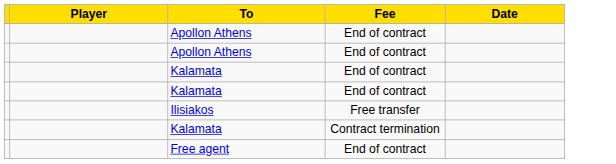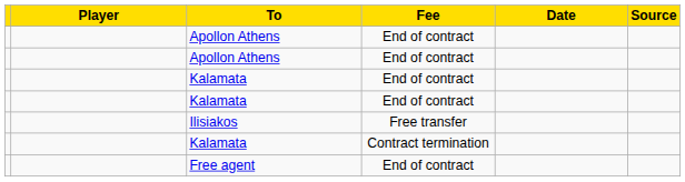 <table class="wikitable sortable">
 <tr>
 <th style="background:#FFDE00"></th>
 <th width=200 style="background:#FFDE00">Player</th>
 <th width=200 style="background:#FFDE00">To</th>
 <th width=150 style="background:#FFDE00">Fee</th>
 <th width=150 style="background:#FFDE00">Date</th>
+<th style="background:#FFDE00">Source</th>
 </tr>
 <tr>
 <td align=center></td>
 <td></td>
 <td> <a href='#'>Apollon Athens</a></td>
 <td align=center>End of contract</td>
+<td align=center></td>
 <td align=center></td>
 </tr>
 <tr>
 <td align=center></td>
 <td></td>
 <td> <a href='#'>Apollon Athens</a></td>
 <td align=center>End of contract</td>
 <td align=center></td>
-</tr>
-<tr>
-<td align=center></td>
-<td></td>
-<td> <a href='#'>Kalamata</a></td>
-<td align=center>End of contract</td>
 <td align=center></td>
 </tr>
 <tr>
 <td align=center></td>
 <td></td>
 <td> <a href='#'>Kalamata</a></td>
 <td align=center>End of contract</td>
 <td align=center></td>
+<td align=center></td>
+</tr>
+<tr>
+<td align=center></td>
+<td></td>
+<td> <a href='#'>Kalamata</a></td>
+<td align=center>End of contract</td>
+<td align=center></td>
+<td align=center></td>
 </tr>
 <tr>
 <td align=center></td>
 <td></td>
 <td> <a href='#'>Ilisiakos</a></td>
 <td align=center>Free transfer</td>
+<td align=center></td>
 <td align=center></td>
 </tr>
 <tr>
 <td align=center></td>
 <td></td>
 <td> <a href='#'>Kalamata</a></td>
 <td align=center>Contract termination</td>
 <td align=center></td>
+<td align=center></td>
 </tr>
 <tr>
 <td align=center></td>
 <td></td>
 <td><a href='#'>Free agent</a></td>
 <td align=center>End of contract</td>
 <td align=center></td>
+<td align=center></td>
 </tr>
 </table>
